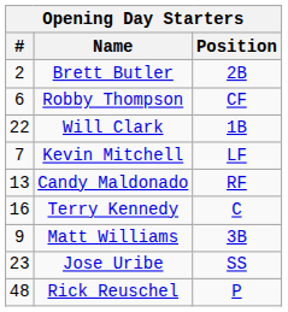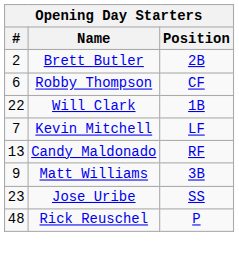 <table class="wikitable" style="text-align:center">
 <tr>
 <th colspan="3">Opening Day Starters</th>
 </tr>
 <tr>
 <th>#</th>
 <th>Name</th>
 <th>Position</th>
 </tr>
 <tr>
 <td>2</td>
 <td><a href='#'>Brett Butler</a></td>
 <td><a href='#'>2B</a></td>
 </tr>
 <tr>
 <td>6</td>
 <td><a href='#'>Robby Thompson</a></td>
 <td><a href='#'>CF</a></td>
 </tr>
 <tr>
 <td>22</td>
 <td><a href='#'>Will Clark</a></td>
 <td><a href='#'>1B</a></td>
 </tr>
 <tr>
 <td>7</td>
 <td><a href='#'>Kevin Mitchell</a></td>
 <td><a href='#'>LF</a></td>
 </tr>
 <tr>
 <td>13</td>
 <td><a href='#'>Candy Maldonado</a></td>
 <td><a href='#'>RF</a></td>
 </tr>
 <tr>
-<td>16</td>
-<td><a href='#'>Terry Kennedy</a></td>
-<td><a href='#'>C</a></td>
-</tr>
-<tr>
 <td>9</td>
 <td><a href='#'>Matt Williams</a></td>
 <td><a href='#'>3B</a></td>
 </tr>
 <tr>
 <td>23</td>
 <td><a href='#'>Jose Uribe</a></td>
 <td><a href='#'>SS</a></td>
 </tr>
 <tr>
 <td>48</td>
 <td><a href='#'>Rick Reuschel</a></td>
 <td><a href='#'>P</a></td>
 </tr>
 </table>
